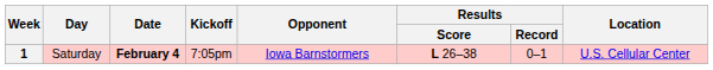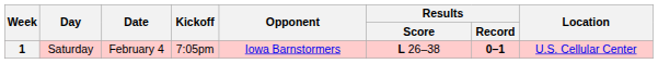 <table class="wikitable">
 <tr>
 <th rowspan="2" width="40">Week</th>
 <th rowspan="2" width="80">Day</th>
 <th rowspan="2" width="90">Date</th>
 <th rowspan="2" width="60">Kickoff</th>
 <th rowspan="2" width="200">Opponent</th>
 <th colspan="2" width="200">Results</th>
 <th rowspan="2" width="180">Location</th>
 </tr>
 <tr>
 <th width="140">Score</th>
 <th width="60">Record</th>
 </tr>
 <tr align="center" bgcolor="#FFCCCC">
 <th>1</th>
 <td>Saturday</td>
-<td><strong>February 4</strong></td>
+<td>February 4</td>
 <td>7:05pm</td>
 <td><a href='#'>Iowa Barnstormers</a></td>
 <td><strong>L</strong> 26–38</td>
-<td>0–1</td>
+<td><strong>0–1</strong></td>
 <td><a href='#'>U.S. Cellular Center</a></td>
 </tr>
 </table>
